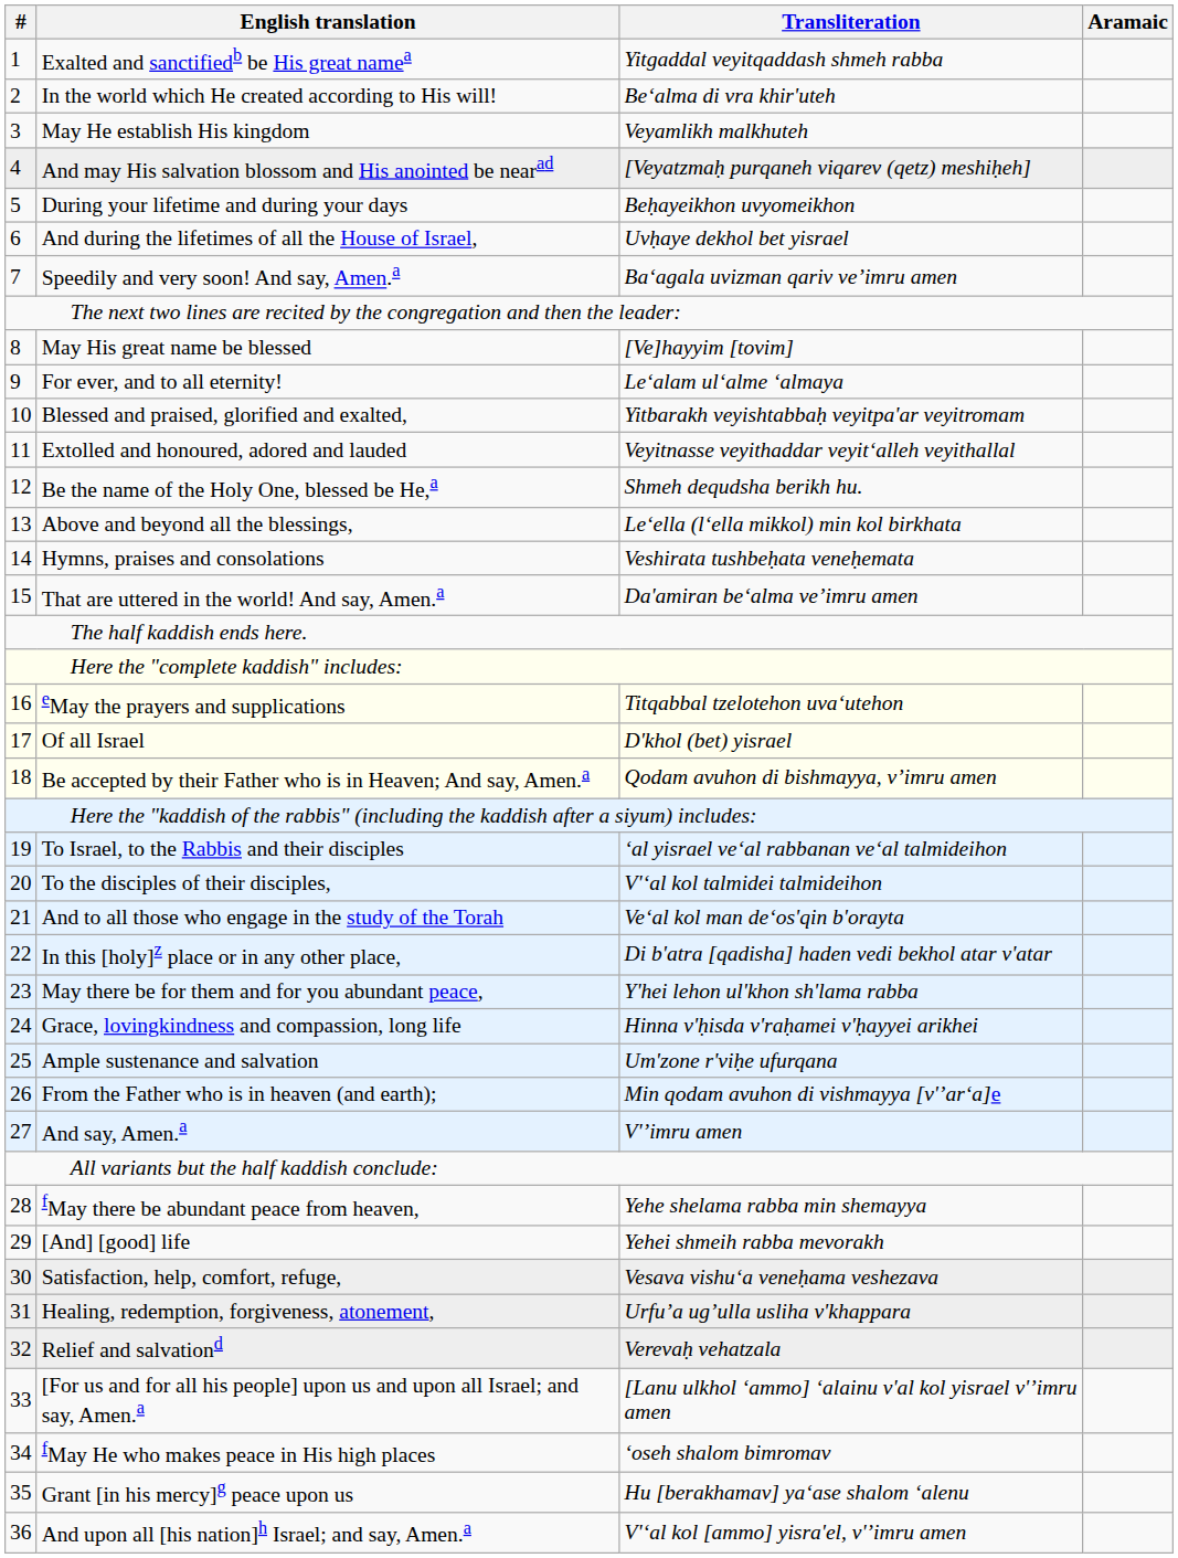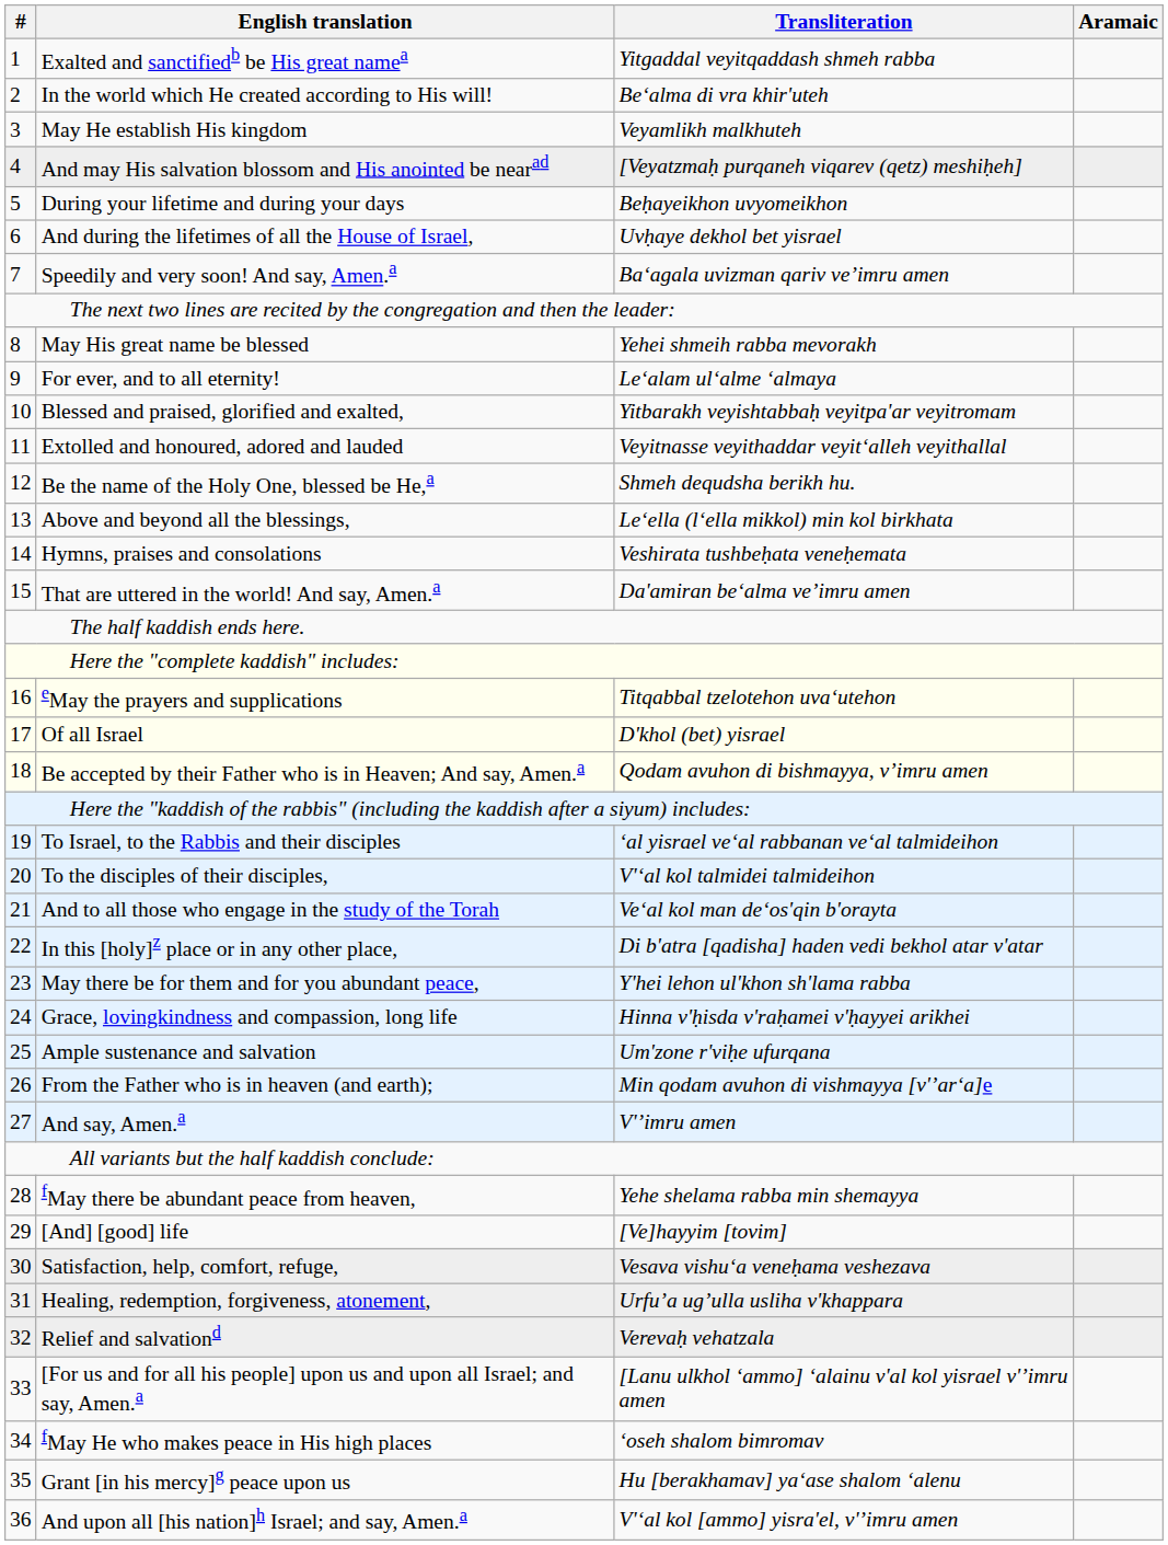 <table class="wikitable" style="font-size:100%; vertical-align:top;">
 <tr>
 <th>#</th>
 <th>English translation</th>
 <th><a href='#'>Transliteration</a></th>
 <th>Aramaic</th>
 </tr>
 <tr>
 <td>1</td>
 <td>Exalted and <a href='#'>sanctified</a><sup><a href='#'>b</a></sup> be <a href='#'>His great name</a><sup><a href='#'>a</a></sup></td>
 <td><em>Yitgaddal veyitqaddash shmeh rabba</em></td>
 <td></td>
 </tr>
 <tr>
 <td>2</td>
 <td>In the world which He created according to His will!</td>
 <td><em>Beʻalma di vra khir'uteh</em></td>
 <td></td>
 </tr>
 <tr>
 <td>3</td>
 <td>May He establish His kingdom</td>
 <td><em>Veyamlikh malkhuteh</em></td>
 <td></td>
 </tr>
 <tr Style="background:#eee;">
 <td>4</td>
 <td>And may His salvation blossom and <a href='#'>His anointed</a> be near<sup><a href='#'>a</a><a href='#'>d</a></sup></td>
 <td><em>[Veyatzmaḥ purqaneh viqarev (qetz) meshiḥeh]</em></td>
 <td></td>
 </tr>
 <tr>
 <td>5</td>
 <td>During your lifetime and during your days</td>
 <td><em>Beḥayeikhon uvyomeikhon</em></td>
 <td></td>
 </tr>
 <tr>
 <td>6</td>
 <td>And during the lifetimes of all the <a href='#'>House of Israel</a>,</td>
 <td><em>Uvḥaye dekhol bet yisrael</em></td>
 <td></td>
 </tr>
 <tr>
 <td>7</td>
 <td>Speedily and very soon! And say, <a href='#'>Amen</a>.<sup><a href='#'>a</a></sup></td>
 <td><em>Baʻagala uvizman qariv veʼimru amen</em></td>
 <td></td>
 </tr>
 <tr>
 <td Colspan=4 style="padding-left: 3em"><em>The next two lines are recited by the congregation and then the leader:</em></td>
 </tr>
 <tr>
 <td>8</td>
 <td>May His great name be blessed</td>
-<td><em>[Ve]hayyim [tovim]</em></td>
+<td><em>Yehei shmeih rabba mevorakh</em></td>
 <td></td>
 </tr>
 <tr>
 <td>9</td>
 <td>For ever, and to all eternity!</td>
 <td><em>Leʻalam ulʻalme ʻalmaya</em></td>
 <td></td>
 </tr>
 <tr>
 <td>10</td>
 <td>Blessed and praised, glorified and exalted,</td>
 <td><em>Yitbarakh veyishtabbaḥ veyitpa'ar veyitromam</em></td>
 <td></td>
 </tr>
 <tr>
 <td>11</td>
 <td>Extolled and honoured, adored and lauded</td>
 <td><em>Veyitnasse veyithaddar veyitʻalleh veyithallal</em></td>
 <td></td>
 </tr>
 <tr>
 <td>12</td>
 <td>Be the name of the Holy One, blessed be He,<sup><a href='#'>a</a></sup></td>
 <td><em>Shmeh dequdsha berikh hu.</em></td>
 <td></td>
 </tr>
 <tr>
 <td>13</td>
 <td>Above and beyond all the blessings,</td>
 <td><em>Leʻella (lʻella mikkol) min kol birkhata</em></td>
 <td></td>
 </tr>
 <tr>
 <td>14</td>
 <td>Hymns, praises and consolations</td>
 <td><em>Veshirata tushbeḥata veneḥemata</em></td>
 <td></td>
 </tr>
 <tr>
 <td>15</td>
 <td>That are uttered in the world! And say, Amen.<sup><a href='#'>a</a></sup></td>
 <td><em>Da'amiran beʻalma veʼimru amen</em></td>
 <td></td>
 </tr>
 <tr>
 <td Colspan=4 style="padding-left: 3em"><em>The half kaddish ends here.</em></td>
 </tr>
 <tr Style="background:#ffe;">
 <td Colspan=4 style="padding-left: 3em"><em>Here the "complete kaddish" includes:</em></td>
 </tr>
 <tr Style="background:#ffe;">
 <td>16</td>
 <td><sup><a href='#'>e</a></sup>May the prayers and supplications</td>
 <td><em>Titqabbal tzelotehon uvaʻutehon</em></td>
 <td></td>
 </tr>
 <tr Style="background:#ffe;">
 <td>17</td>
 <td>Of all Israel</td>
 <td><em>D'khol (bet) yisrael</em></td>
 <td></td>
 </tr>
 <tr Style="background:#ffe;">
 <td>18</td>
 <td>Be accepted by their Father who is in Heaven; And say, Amen.<sup><a href='#'>a</a></sup></td>
 <td><em>Qodam avuhon di bishmayya, vʼimru amen</em></td>
 <td></td>
 </tr>
 <tr Style="background:#e4f2ff;">
 <td Colspan=4 style="padding-left: 3em"><em>Here the "kaddish of the rabbis" (including the kaddish after a siyum) includes:</em></td>
 </tr>
 <tr Style="background:#e4f2ff;">
 <td>19</td>
 <td>To Israel, to the <a href='#'>Rabbis</a> and their disciples</td>
 <td><em>ʻal yisrael veʻal rabbanan veʻal talmideihon</em></td>
 <td></td>
 </tr>
 <tr Style="background:#e4f2ff;">
 <td>20</td>
 <td>To the disciples of their disciples,</td>
 <td><em>V'ʻal kol talmidei talmideihon</em></td>
 <td></td>
 </tr>
 <tr Style="background:#e4f2ff;">
 <td>21</td>
 <td>And to all those who engage in the <a href='#'>study of the Torah</a></td>
 <td><em>Veʻal kol man deʻos'qin b'orayta</em></td>
 <td></td>
 </tr>
 <tr Style="background:#e4f2ff;">
 <td>22</td>
 <td>In this [holy]<sup><a href='#'>z</a></sup> place or in any other place,</td>
 <td><em>Di b'atra [qadisha] haden vedi bekhol atar v'atar</em></td>
 <td></td>
 </tr>
 <tr Style="background:#e4f2ff;">
 <td>23</td>
 <td>May there be for them and for you abundant <a href='#'>peace</a>,</td>
 <td><em>Y'hei lehon ul'khon sh'lama rabba</em></td>
 <td></td>
 </tr>
 <tr Style="background:#e4f2ff;">
 <td>24</td>
 <td>Grace, <a href='#'>lovingkindness</a> and compassion, long life</td>
 <td><em>Hinna v'ḥisda v'raḥamei v'ḥayyei arikhei</em></td>
 <td></td>
 </tr>
 <tr Style="background:#e4f2ff;">
 <td>25</td>
 <td>Ample sustenance and salvation</td>
 <td><em>Um'zone r'viḥe ufurqana</em></td>
 <td></td>
 </tr>
 <tr Style="background:#e4f2ff;">
 <td>26</td>
 <td>From the Father who is in heaven (and earth);</td>
 <td><em>Min qodam avuhon di vishmayya [v'ʼarʻa]</em><a href='#'>e</a></td>
 <td></td>
 </tr>
 <tr Style="background:#e4f2ff;">
 <td>27</td>
 <td>And say, Amen.<sup><a href='#'>a</a></sup></td>
 <td><em>V'ʼimru amen </em></td>
 <td></td>
 </tr>
 <tr>
 <td Colspan=4 style="padding-left: 3em"><em>All variants but the half kaddish conclude:</em></td>
 </tr>
 <tr>
 <td>28</td>
 <td><sup><a href='#'>f</a></sup>May there be abundant peace from heaven,</td>
 <td><em>Yehe shelama rabba min shemayya</em></td>
 <td></td>
 </tr>
 <tr>
 <td>29</td>
 <td>[And] [good] life</td>
-<td><em>Yehei shmeih rabba mevorakh</em></td>
+<td><em>[Ve]hayyim [tovim]</em></td>
 <td></td>
 </tr>
 <tr Style="background:#eee;">
 <td>30</td>
 <td>Satisfaction, help, comfort, refuge,</td>
 <td><em>Vesava vishuʻa veneḥama veshezava</em></td>
 <td></td>
 </tr>
 <tr Style="background:#eee;">
 <td>31</td>
 <td>Healing, redemption, forgiveness, <a href='#'>atonement</a>,</td>
 <td><em>Urfuʼa ugʼulla usliha v'khappara</em></td>
 <td></td>
 </tr>
 <tr Style="background:#eee;">
 <td>32</td>
 <td>Relief and salvation<sup><a href='#'>d</a></sup></td>
 <td><em>Verevaḥ vehatzala</em></td>
 <td></td>
 </tr>
 <tr>
 <td>33</td>
 <td>[For us and for all his people] upon us and upon all Israel; and say, Amen.<sup><a href='#'>a</a></sup></td>
 <td><em>[Lanu ulkhol ʻammo] ʻalainu v'al kol yisrael v'ʼimru amen</em></td>
 <td></td>
 </tr>
 <tr>
 <td>34</td>
 <td><sup><a href='#'>f</a></sup>May He who makes peace in His high places</td>
 <td><em>ʻoseh shalom bimromav</em></td>
 <td></td>
 </tr>
 <tr>
 <td>35</td>
 <td>Grant [in his mercy]<sup><a href='#'>g</a></sup> peace upon us</td>
 <td><em>Hu [berakhamav] yaʻase shalom ʻalenu</em></td>
 <td></td>
 </tr>
 <tr>
 <td>36</td>
 <td>And upon all [his nation]<sup><a href='#'>h</a></sup> Israel; and say, Amen.<sup><a href='#'>a</a></sup></td>
 <td><em>V'ʻal kol [ammo] yisra'el, v'ʼimru amen</em></td>
 <td></td>
 </tr>
 </table>
